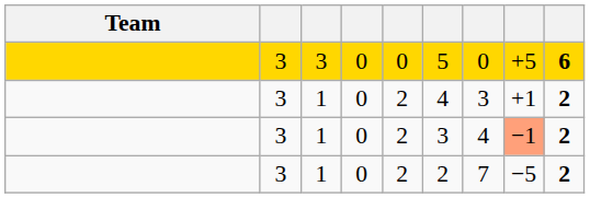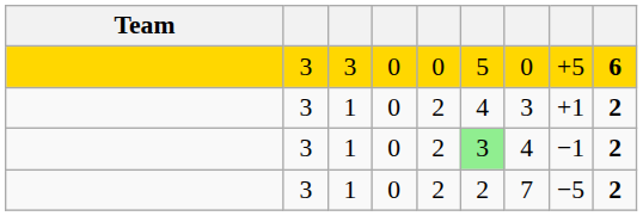 <table class="wikitable" style="text-align:center">
 <tr>
 <th width=165>Team</th>
 <th width=20></th>
 <th width=20></th>
 <th width=20></th>
 <th width=20></th>
 <th width=20></th>
 <th width=20></th>
 <th width=20></th>
 <th width=20></th>
 </tr>
 <tr align=center bgcolor=gold>
 <td align=left></td>
 <td>3</td>
 <td>3</td>
 <td>0</td>
 <td>0</td>
 <td>5</td>
 <td>0</td>
 <td>+5</td>
 <td><strong>6</strong></td>
 </tr>
 <tr>
 <td align=left></td>
 <td>3</td>
 <td>1</td>
 <td>0</td>
 <td>2</td>
 <td>4</td>
 <td>3</td>
 <td>+1</td>
 <td><strong>2</strong></td>
 </tr>
 <tr>
 <td align=left></td>
 <td>3</td>
 <td>1</td>
 <td>0</td>
 <td>2</td>
-<td>3</td>
+<td style="background: lightgreen;">3</td>
 <td>4</td>
-<td style="background: lightsalmon;">−1</td>
+<td>−1</td>
 <td><strong>2</strong></td>
 </tr>
 <tr>
 <td align=left></td>
 <td>3</td>
 <td>1</td>
 <td>0</td>
 <td>2</td>
 <td>2</td>
 <td>7</td>
 <td>−5</td>
 <td><strong>2</strong></td>
 </tr>
 </table>
